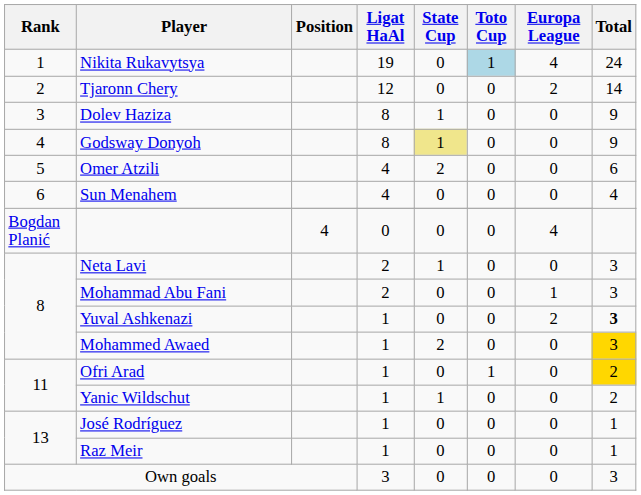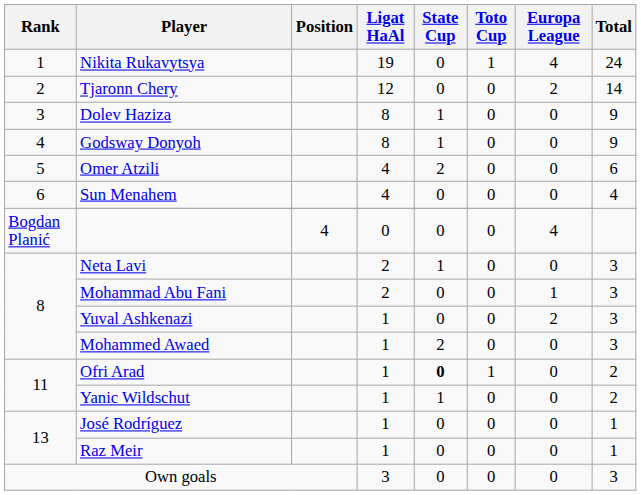 <table class="wikitable">
 <tr>
 <th>Rank</th>
 <th style="width:200px;">Player</th>
 <th>Position</th>
 <th><a href='#'>Ligat HaAl</a></th>
 <th><a href='#'>State Cup</a></th>
 <th><a href='#'>Toto Cup</a></th>
 <th><a href='#'>Europa League</a></th>
 <th>Total</th>
 </tr>
 <tr>
 <td align=center>1</td>
 <td>  <a href='#'>Nikita Rukavytsya</a></td>
 <td align=center></td>
 <td align=center>19</td>
 <td align=center>0</td>
-<td align=center style="background: lightblue;">1</td>
+<td align=center>1</td>
 <td align=center>4</td>
 <td align=center>24</td>
 </tr>
 <tr>
 <td align=center>2</td>
 <td>  <a href='#'>Tjaronn Chery</a></td>
 <td align=center></td>
 <td align=center>12</td>
 <td align=center>0</td>
 <td align=center>0</td>
 <td align=center>2</td>
 <td align=center>14</td>
 </tr>
 <tr>
 <td align=center>3</td>
 <td> <a href='#'>Dolev Haziza</a></td>
 <td align=center></td>
 <td align=center>8</td>
 <td align=center>1</td>
 <td align=center>0</td>
 <td align=center>0</td>
 <td align=center>9</td>
 </tr>
 <tr>
 <td align=center>4</td>
 <td> <a href='#'>Godsway Donyoh</a></td>
 <td align=center></td>
 <td align=center>8</td>
-<td align=center style="background: khaki;">1</td>
+<td align=center>1</td>
 <td align=center>0</td>
 <td align=center>0</td>
 <td align=center>9</td>
 </tr>
 <tr>
 <td align=center>5</td>
 <td> <a href='#'>Omer Atzili</a></td>
 <td align=center></td>
 <td align=center>4</td>
 <td align=center>2</td>
 <td align=center>0</td>
 <td align=center>0</td>
 <td align=center>6</td>
 </tr>
 <tr>
 <td align=center rowspan=2>6</td>
 <td> <a href='#'>Sun Menahem</a></td>
 <td align=center></td>
 <td align=center>4</td>
 <td align=center>0</td>
 <td align=center>0</td>
 <td align=center>0</td>
 <td align=center>4</td>
 </tr>
 <tr>
 </tr>
 <tr>
 <td> <a href='#'>Bogdan Planić</a></td>
 <td align=center></td>
 <td align=center>4</td>
 <td align=center>0</td>
 <td align=center>0</td>
 <td align=center>0</td>
 <td align=center>4</td>
 </tr>
 <tr>
 <td align=center rowspan=4>8</td>
 <td> <a href='#'>Neta Lavi</a></td>
 <td align=center></td>
 <td align=center>2</td>
 <td align=center>1</td>
 <td align=center>0</td>
 <td align=center>0</td>
 <td align=center>3</td>
 </tr>
 <tr>
 <td> <a href='#'>Mohammad Abu Fani</a></td>
 <td align=center></td>
 <td align=center>2</td>
 <td align=center>0</td>
 <td align=center>0</td>
 <td align=center>1</td>
 <td align=center>3</td>
 </tr>
 <tr>
 <td> <a href='#'>Yuval Ashkenazi</a></td>
 <td align=center></td>
 <td align=center>1</td>
 <td align=center>0</td>
 <td align=center>0</td>
 <td align=center>2</td>
-<td align=center><strong>3</strong></td>
+<td align=center>3</td>
 </tr>
 <tr>
 <td> <a href='#'>Mohammed Awaed</a></td>
 <td align=center></td>
 <td align=center>1</td>
 <td align=center>2</td>
 <td align=center>0</td>
 <td align=center>0</td>
-<td align=center style="background: gold;">3</td>
+<td align=center>3</td>
 </tr>
 <tr>
 <td align=center rowspan=2>11</td>
 <td> <a href='#'>Ofri Arad</a></td>
 <td align=center></td>
 <td align=center>1</td>
-<td align=center>0</td>
+<td align=center><strong>0</strong></td>
 <td align=center>1</td>
 <td align=center>0</td>
-<td align=center style="background: gold;">2</td>
+<td align=center>2</td>
 </tr>
 <tr>
 <td> <a href='#'>Yanic Wildschut</a></td>
 <td align=center></td>
 <td align=center>1</td>
 <td align=center>1</td>
 <td align=center>0</td>
 <td align=center>0</td>
 <td align=center>2</td>
 </tr>
 <tr>
 <td align=center rowspan=2>13</td>
 <td> <a href='#'>José Rodríguez</a></td>
 <td align=center></td>
 <td align=center>1</td>
 <td align=center>0</td>
 <td align=center>0</td>
 <td align=center>0</td>
 <td align=center>1</td>
 </tr>
 <tr>
 <td> <a href='#'>Raz Meir</a></td>
 <td align=center></td>
 <td align=center>1</td>
 <td align=center>0</td>
 <td align=center>0</td>
 <td align=center>0</td>
 <td align=center>1</td>
 </tr>
 <tr>
 <td align=center colspan=3>Own goals</td>
 <td align=center>3</td>
 <td align=center>0</td>
 <td align=center>0</td>
 <td align=center>0</td>
 <td align=center>3</td>
 </tr>
 </table>
